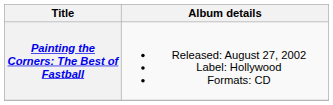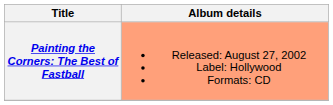 <table class="wikitable plainrowheaders" style="text-align:center;">
 <tr>
 <th scope="col" style="width:10em;">Title</th>
 <th scope="col" style="width:18em;">Album details</th>
 </tr>
 <tr>
 <th scope="row"><em><a href='#'>Painting the Corners: The Best of Fastball</a></em></th>
-<td><br><ul><li>Released: August 27, 2002</li><li>Label: Hollywood</li><li>Formats: CD</li></ul></td>
+<td style="background: lightsalmon;"><br><ul><li>Released: August 27, 2002</li><li>Label: Hollywood</li><li>Formats: CD</li></ul></td>
 </tr>
 <tr>
 </tr>
 </table>
